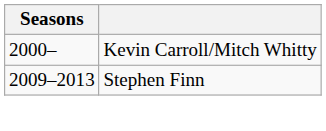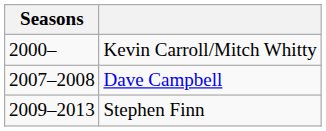 <table class="wikitable">
 <tr>
 <th Align=Left>Seasons</th>
 <th Align=Left></th>
 </tr>
 <tr>
 <td>2000–</td>
 <td> Kevin Carroll/Mitch Whitty</td>
 </tr>
 <tr>
+<td>2007–2008</td>
+<td> <a href='#'>Dave Campbell</a></td>
+</tr>
+<tr>
 <td>2009–2013</td>
 <td> Stephen Finn</td>
 </tr>
 </table>
